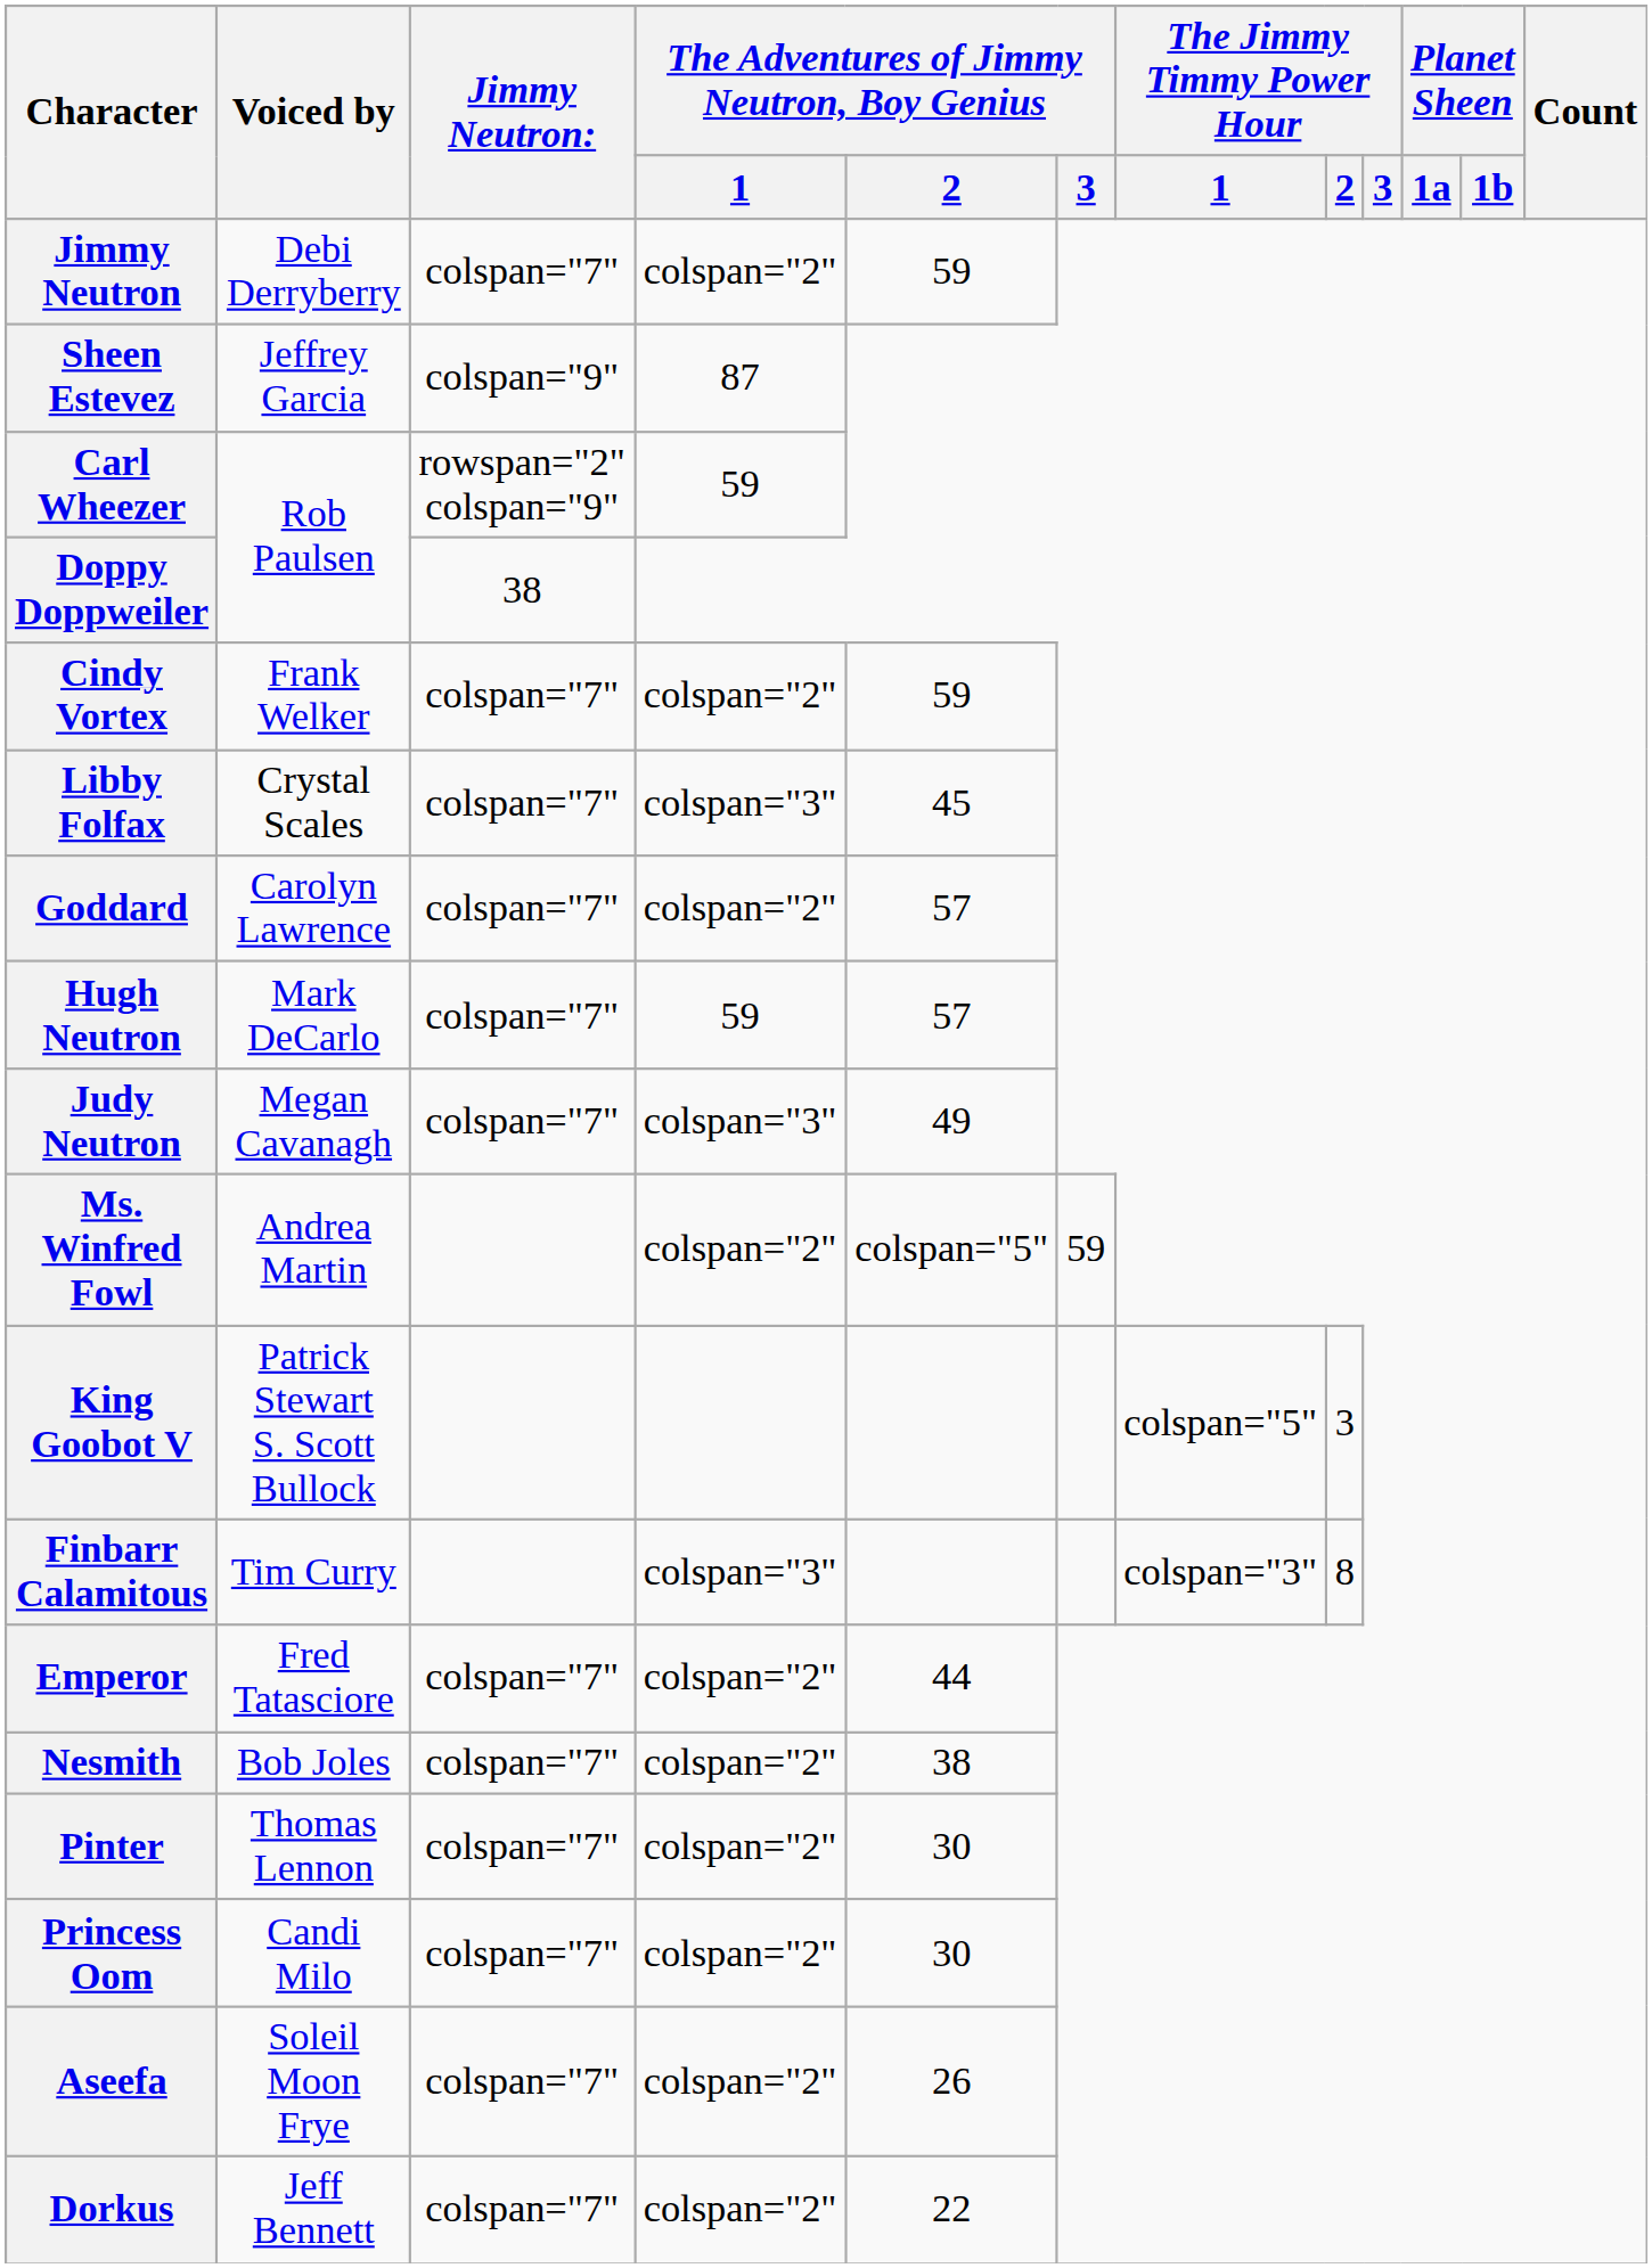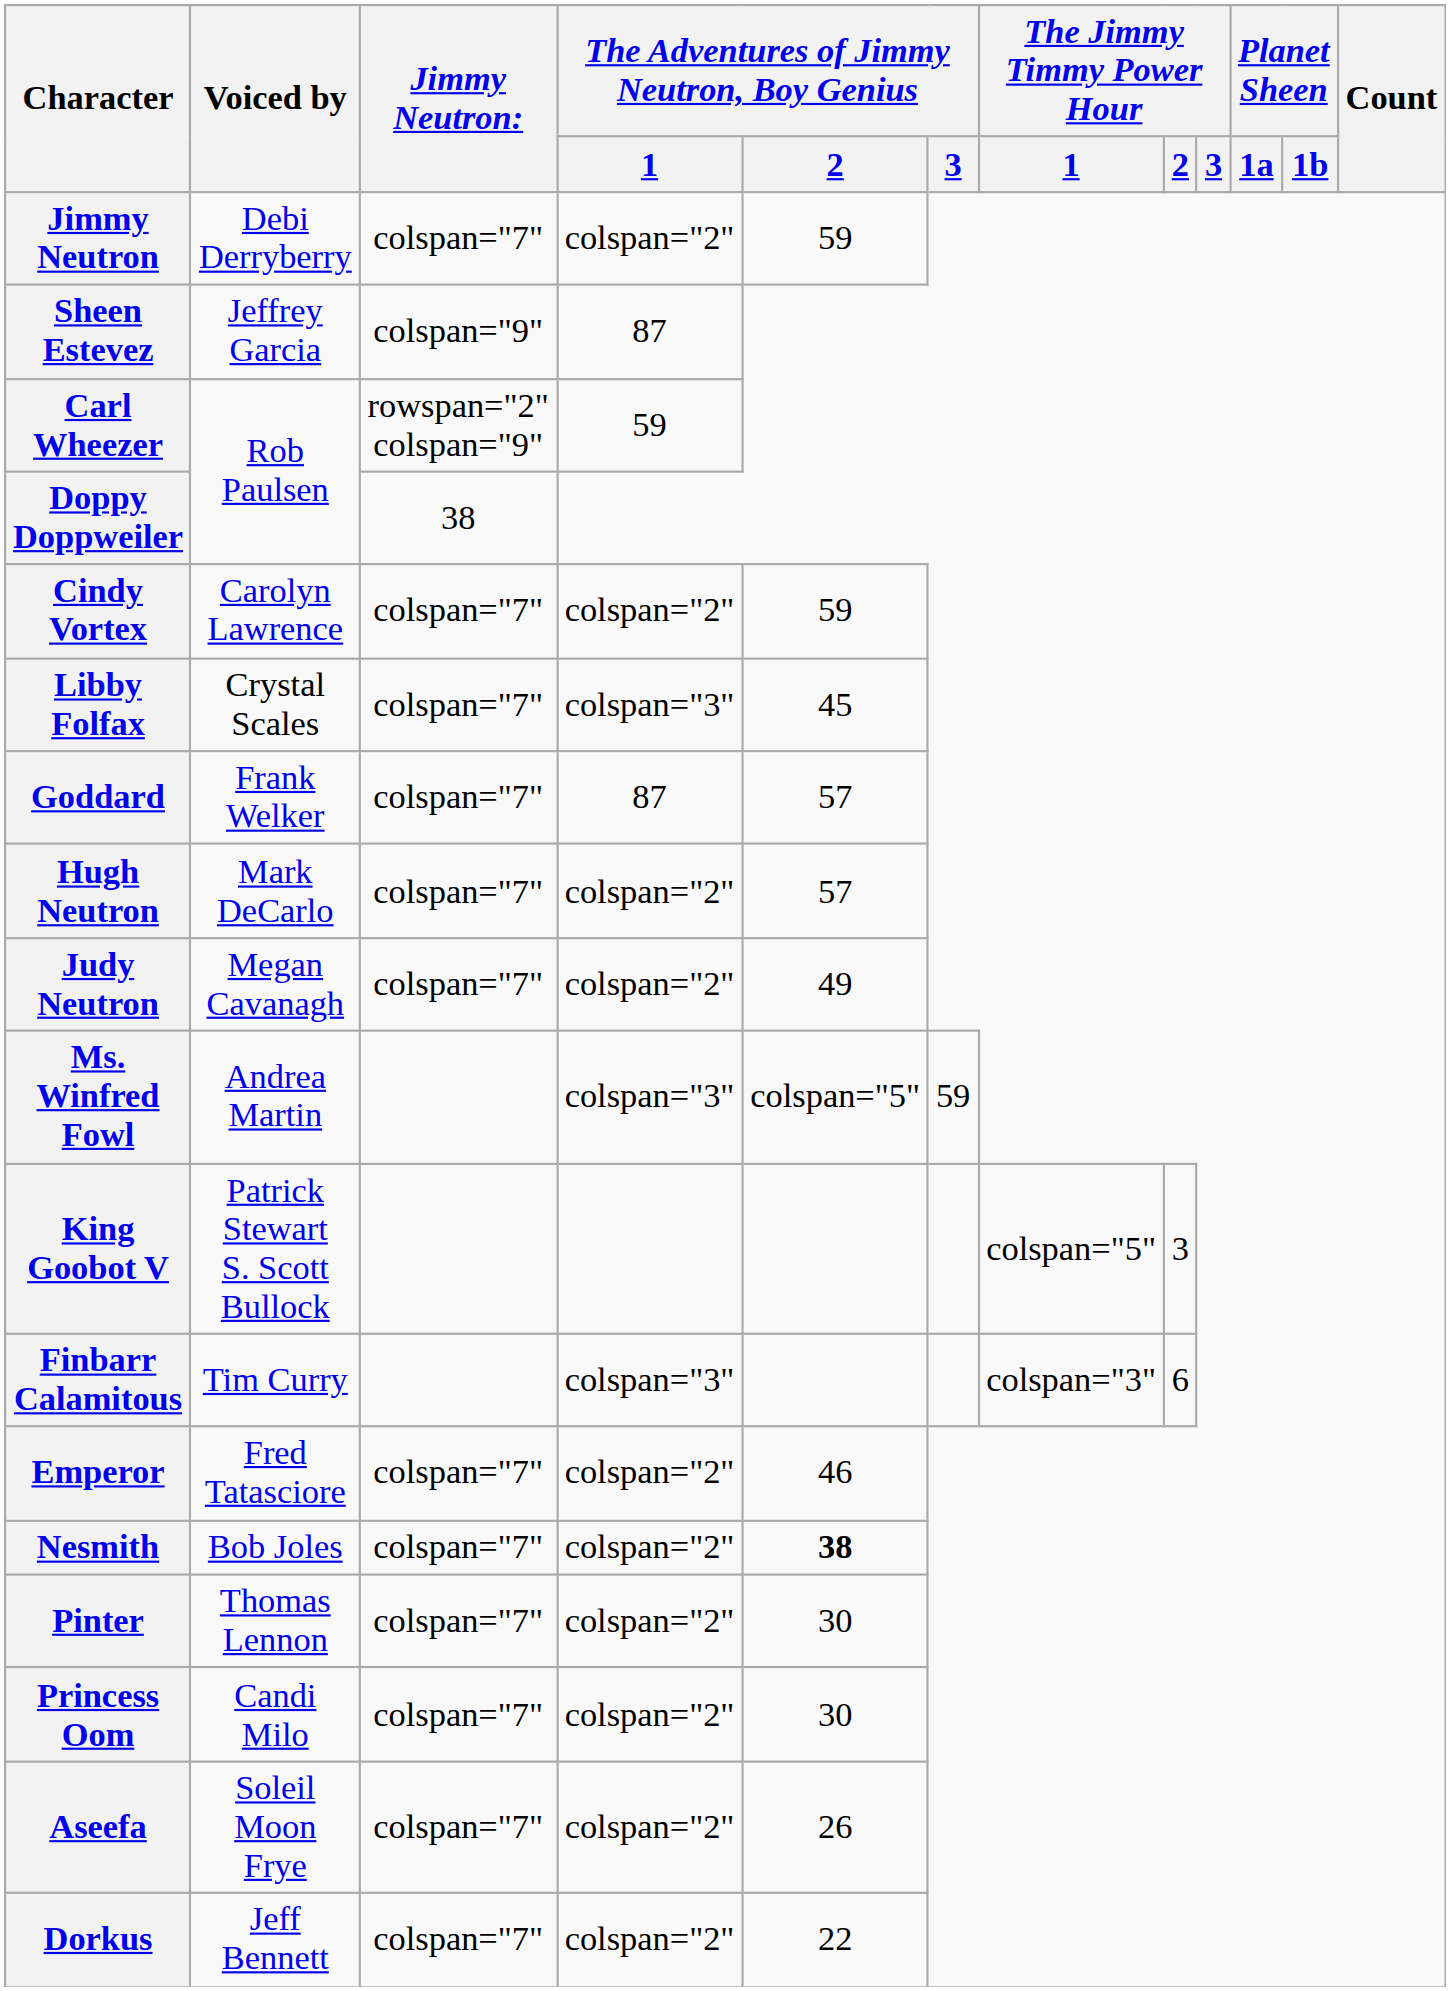 <table class="wikitable" style="text-align:center;">
 <tr>
 <th rowspan="2" style="width:136px;">Character</th>
 <th rowspan="2" style="width:117px;">Voiced by</th>
 <th rowspan="2" style="width:117px;"><a href='#'><em>Jimmy Neutron:<br></em></a></th>
 <th colspan="3"><em><a href='#'>The Adventures of Jimmy Neutron, Boy Genius</a></em></th>
 <th colspan="3"><em><a href='#'>The Jimmy Timmy Power Hour</a></em></th>
 <th colspan="2"><em><a href='#'>Planet Sheen</a></em></th>
 <th rowspan="2" style="width:10px;">Count</th>
 </tr>
 <tr>
 <th style="width:98px;"><a href='#'>1</a></th>
 <th style="width:98px;"><a href='#'>2</a></th>
 <th style="width:98px;"><a href='#'>3</a></th>
 <th style="width:65px;"><a href='#'>1</a></th>
 <th style="width:65px;"><a href='#'>2</a></th>
 <th style="width:65px;"><a href='#'>3</a></th>
 <th style="width:45px;"><a href='#'>1a</a></th>
 <th style="width:45px;"><a href='#'>1b</a></th>
 </tr>
 <tr>
 <th><a href='#'>Jimmy Neutron</a></th>
 <td><a href='#'>Debi Derryberry</a></td>
 <td>colspan="7" </td>
 <td>colspan="2" </td>
 <td>59</td>
 </tr>
 <tr>
 <th><a href='#'>Sheen Estevez</a></th>
 <td><a href='#'>Jeffrey Garcia</a></td>
 <td>colspan="9" </td>
 <td>87</td>
 </tr>
 <tr>
 <th><a href='#'>Carl Wheezer</a></th>
 <td rowspan="2"><a href='#'>Rob Paulsen</a></td>
 <td>rowspan="2" colspan="9" </td>
 <td>59</td>
 </tr>
 <tr>
 <th><a href='#'>Doppy Doppweiler</a></th>
 <td>38</td>
 </tr>
 <tr>
 <th><a href='#'>Cindy Vortex</a></th>
-<td><a href='#'>Frank Welker</a></td>
+<td><a href='#'>Carolyn Lawrence</a></td>
 <td>colspan="7" </td>
 <td>colspan="2" </td>
 <td>59</td>
 </tr>
 <tr>
 <th><a href='#'>Libby Folfax</a></th>
 <td>Crystal Scales</td>
 <td>colspan="7" </td>
 <td>colspan="3" </td>
 <td>45</td>
 </tr>
 <tr>
 <th><a href='#'>Goddard</a></th>
-<td><a href='#'>Carolyn Lawrence</a></td>
+<td><a href='#'>Frank Welker</a></td>
 <td>colspan="7" </td>
-<td>colspan="2" </td>
+<td>87</td>
 <td>57</td>
 </tr>
 <tr>
 <th><a href='#'>Hugh Neutron</a></th>
 <td><a href='#'>Mark DeCarlo</a></td>
 <td>colspan="7" </td>
-<td>59</td>
+<td>colspan="2" </td>
 <td>57</td>
 </tr>
 <tr>
 <th><a href='#'>Judy Neutron</a></th>
 <td><a href='#'>Megan Cavanagh</a></td>
 <td>colspan="7" </td>
-<td>colspan="3" </td>
+<td>colspan="2" </td>
 <td>49</td>
 </tr>
 <tr>
 <th><a href='#'>Ms. Winfred Fowl</a></th>
 <td><a href='#'>Andrea Martin</a></td>
 <td></td>
-<td>colspan="2" </td>
+<td>colspan="3" </td>
 <td>colspan="5" </td>
 <td>59</td>
 </tr>
 <tr>
 <th><a href='#'>King Goobot V</a></th>
 <td><a href='#'>Patrick Stewart</a><br><a href='#'>S. Scott Bullock</a></td>
 <td></td>
 <td></td>
 <td></td>
 <td></td>
 <td>colspan="5" </td>
 <td>3</td>
 </tr>
 <tr>
 <th><a href='#'>Finbarr Calamitous</a></th>
 <td><a href='#'>Tim Curry</a></td>
 <td></td>
 <td>colspan="3" </td>
 <td></td>
 <td></td>
 <td>colspan="3" </td>
-<td>8</td>
+<td>6</td>
 </tr>
 <tr>
 <th><a href='#'>Emperor</a></th>
 <td><a href='#'>Fred Tatasciore</a></td>
 <td>colspan="7" </td>
 <td>colspan="2" </td>
-<td>44</td>
+<td>46</td>
 </tr>
 <tr>
 <th><a href='#'>Nesmith</a></th>
 <td><a href='#'>Bob Joles</a></td>
 <td>colspan="7" </td>
 <td>colspan="2" </td>
-<td>38</td>
+<td><strong>38</strong></td>
 </tr>
 <tr>
 <th><a href='#'>Pinter</a></th>
 <td><a href='#'>Thomas Lennon</a></td>
 <td>colspan="7" </td>
 <td>colspan="2" </td>
 <td>30</td>
 </tr>
 <tr>
 <th><a href='#'>Princess Oom</a></th>
 <td><a href='#'>Candi Milo</a></td>
 <td>colspan="7" </td>
 <td>colspan="2" </td>
 <td>30</td>
 </tr>
 <tr>
 <th><a href='#'>Aseefa</a></th>
 <td><a href='#'>Soleil Moon Frye</a></td>
 <td>colspan="7" </td>
 <td>colspan="2" </td>
 <td>26</td>
 </tr>
 <tr>
 <th><a href='#'>Dorkus</a></th>
 <td><a href='#'>Jeff Bennett</a></td>
 <td>colspan="7" </td>
 <td>colspan="2" </td>
 <td>22</td>
 </tr>
 </table>
